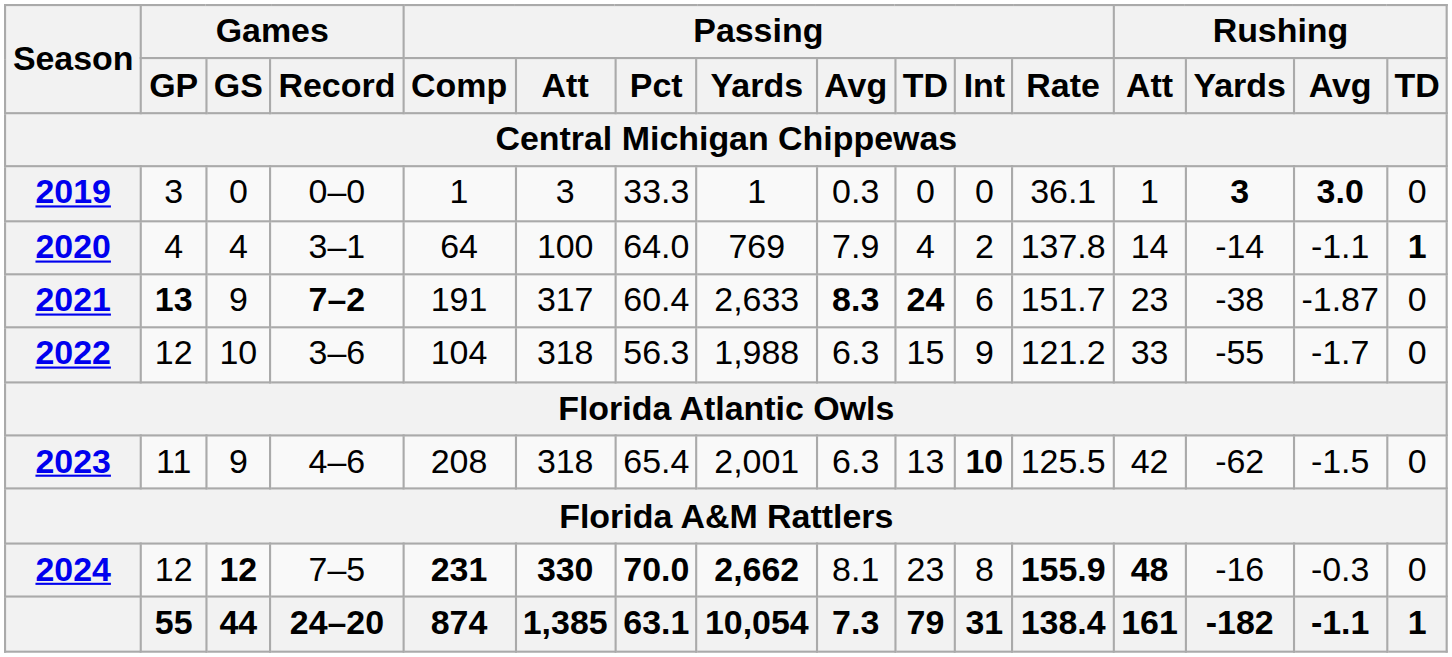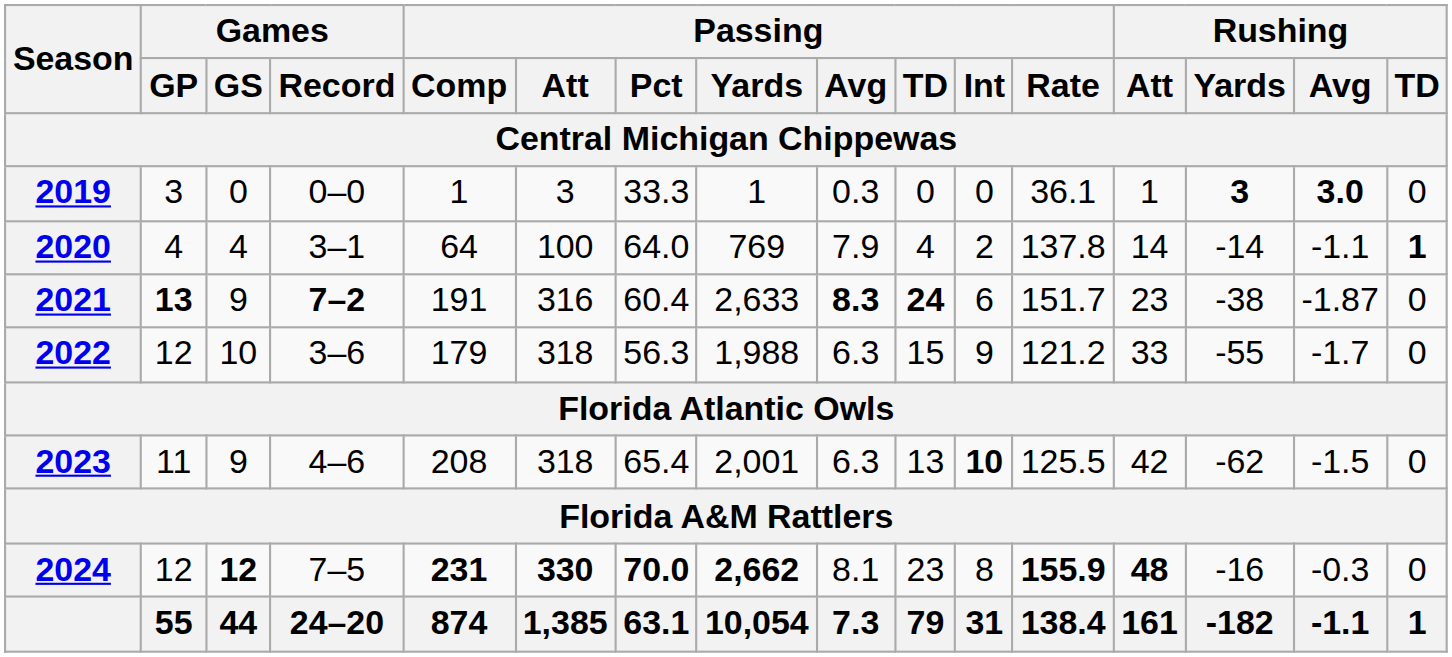 <table class="wikitable" style="text-align:center;">
 <tr>
 <th rowspan="2">Season</th>
 <th colspan="3">Games</th>
 <th colspan="8">Passing</th>
 <th colspan="4">Rushing</th>
 </tr>
 <tr>
 <th>GP</th>
 <th>GS</th>
 <th>Record</th>
 <th>Comp</th>
 <th>Att</th>
 <th>Pct</th>
 <th>Yards</th>
 <th>Avg</th>
 <th>TD</th>
 <th>Int</th>
 <th>Rate</th>
 <th>Att</th>
 <th>Yards</th>
 <th>Avg</th>
 <th>TD</th>
 </tr>
 <tr>
 <th colspan="16">Central Michigan Chippewas</th>
 </tr>
 <tr>
 <th><a href='#'>2019</a></th>
 <td>3</td>
 <td>0</td>
 <td>0–0</td>
 <td>1</td>
 <td>3</td>
 <td>33.3</td>
 <td>1</td>
 <td>0.3</td>
 <td>0</td>
 <td>0</td>
 <td>36.1</td>
 <td>1</td>
 <td><strong>3</strong></td>
 <td><strong>3.0</strong></td>
 <td>0</td>
 </tr>
 <tr>
 <th><a href='#'>2020</a></th>
 <td>4</td>
 <td>4</td>
 <td>3–1</td>
 <td>64</td>
 <td>100</td>
 <td>64.0</td>
 <td>769</td>
 <td>7.9</td>
 <td>4</td>
 <td>2</td>
 <td>137.8</td>
 <td>14</td>
 <td>-14</td>
 <td>-1.1</td>
 <td><strong>1</strong></td>
 </tr>
 <tr>
 <th><a href='#'>2021</a></th>
 <td><strong>13</strong></td>
 <td>9</td>
 <td><strong>7–2</strong></td>
 <td>191</td>
-<td>317</td>
+<td>316</td>
 <td>60.4</td>
 <td>2,633</td>
 <td><strong>8.3</strong></td>
 <td><strong>24</strong></td>
 <td>6</td>
 <td>151.7</td>
 <td>23</td>
 <td>-38</td>
 <td>-1.87</td>
 <td>0</td>
 </tr>
 <tr>
 <th><a href='#'>2022</a></th>
 <td>12</td>
 <td>10</td>
 <td>3–6</td>
-<td>104</td>
+<td>179</td>
 <td>318</td>
 <td>56.3</td>
 <td>1,988</td>
 <td>6.3</td>
 <td>15</td>
 <td>9</td>
 <td>121.2</td>
 <td>33</td>
 <td>-55</td>
 <td>-1.7</td>
 <td>0</td>
 </tr>
 <tr>
 <th colspan="16">Florida Atlantic Owls</th>
 </tr>
 <tr>
 <th><a href='#'>2023</a></th>
 <td>11</td>
 <td>9</td>
 <td>4–6</td>
 <td>208</td>
 <td>318</td>
 <td>65.4</td>
 <td>2,001</td>
 <td>6.3</td>
 <td>13</td>
 <td><strong>10</strong></td>
 <td>125.5</td>
 <td>42</td>
 <td>-62</td>
 <td>-1.5</td>
 <td>0</td>
 </tr>
 <tr>
 <th colspan="16">Florida A&M Rattlers</th>
 </tr>
 <tr>
 <th><a href='#'>2024</a></th>
 <td>12</td>
 <td><strong>12</strong></td>
 <td>7–5</td>
 <td><strong>231</strong></td>
 <td><strong>330</strong></td>
 <td><strong>70.0</strong></td>
 <td><strong>2,662</strong></td>
 <td>8.1</td>
 <td>23</td>
 <td>8</td>
 <td><strong>155.9</strong></td>
 <td><strong>48</strong></td>
 <td>-16</td>
 <td>-0.3</td>
 <td>0</td>
 </tr>
 <tr>
 <th></th>
 <th>55</th>
 <th>44</th>
 <th>24–20</th>
 <th>874</th>
 <th>1,385</th>
 <th>63.1</th>
 <th>10,054</th>
 <th>7.3</th>
 <th>79</th>
 <th>31</th>
 <th>138.4</th>
 <th>161</th>
 <th>-182</th>
 <th>-1.1</th>
 <th>1</th>
 </tr>
 </table>
